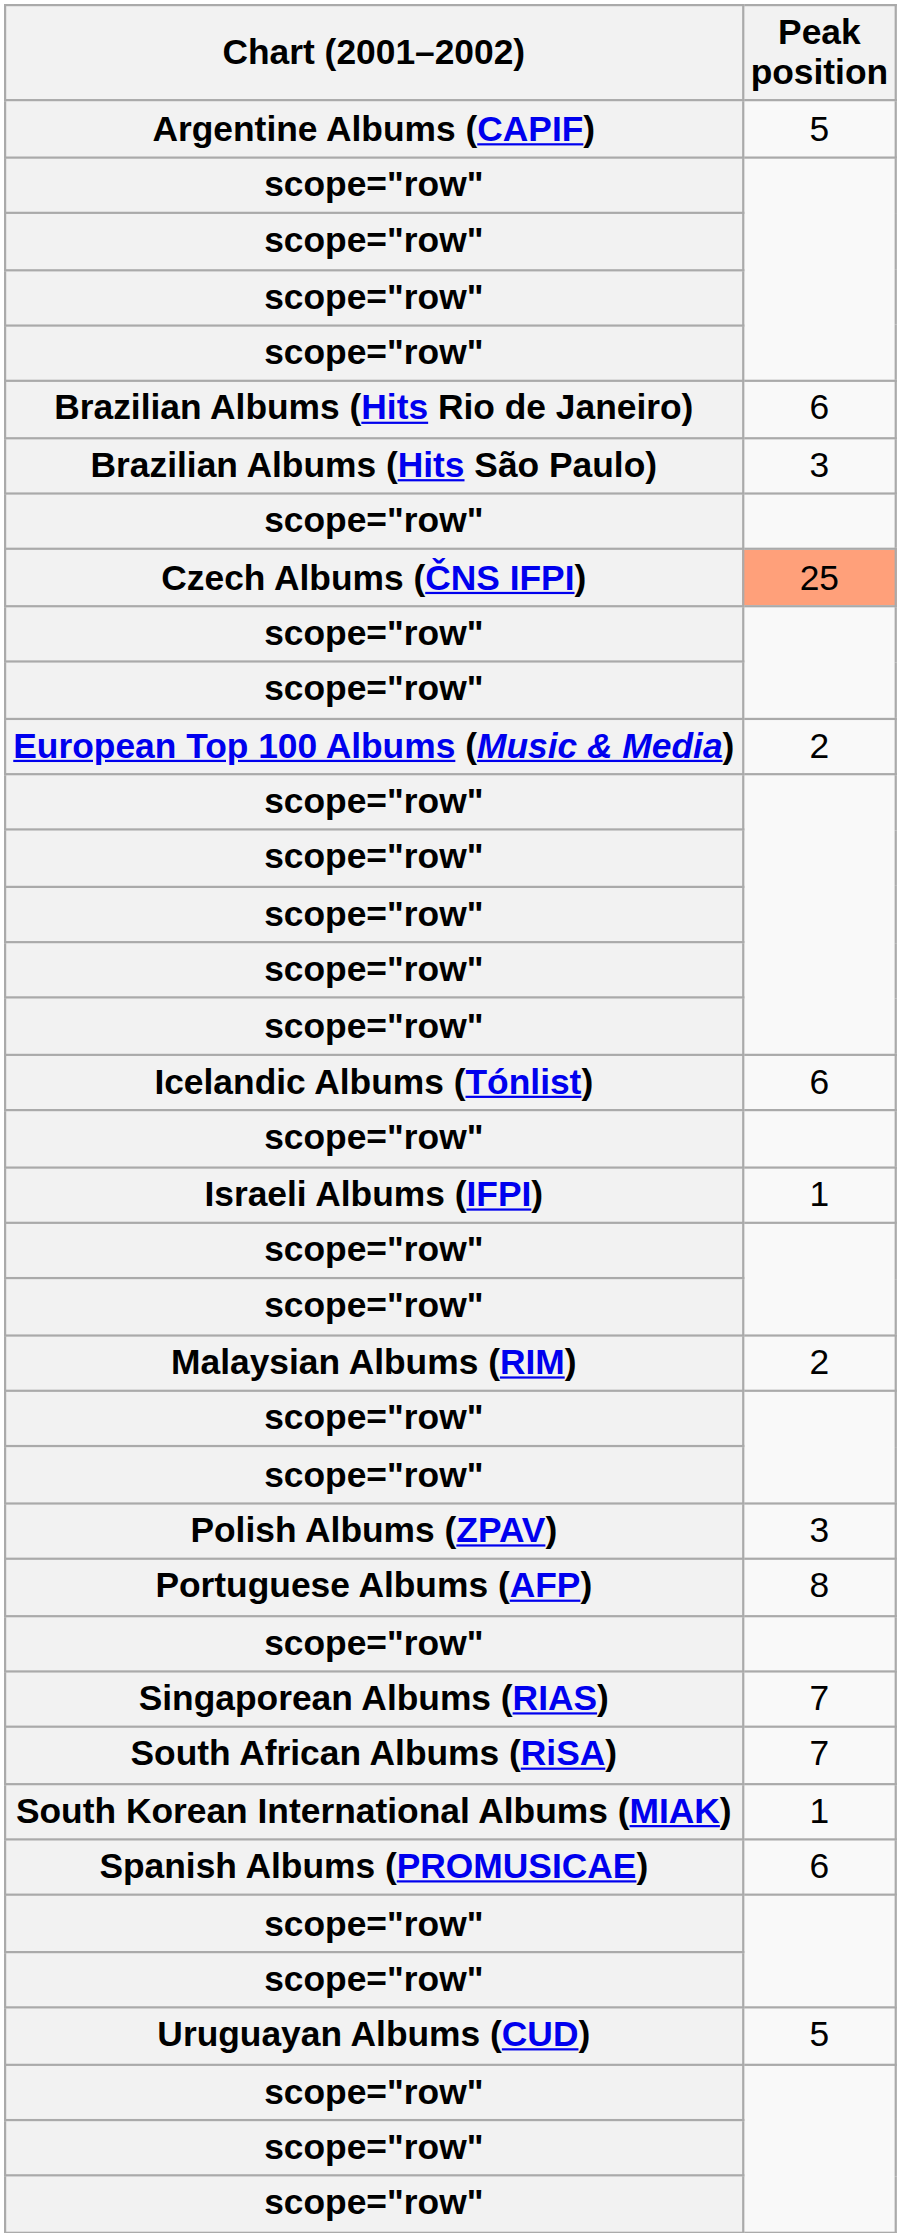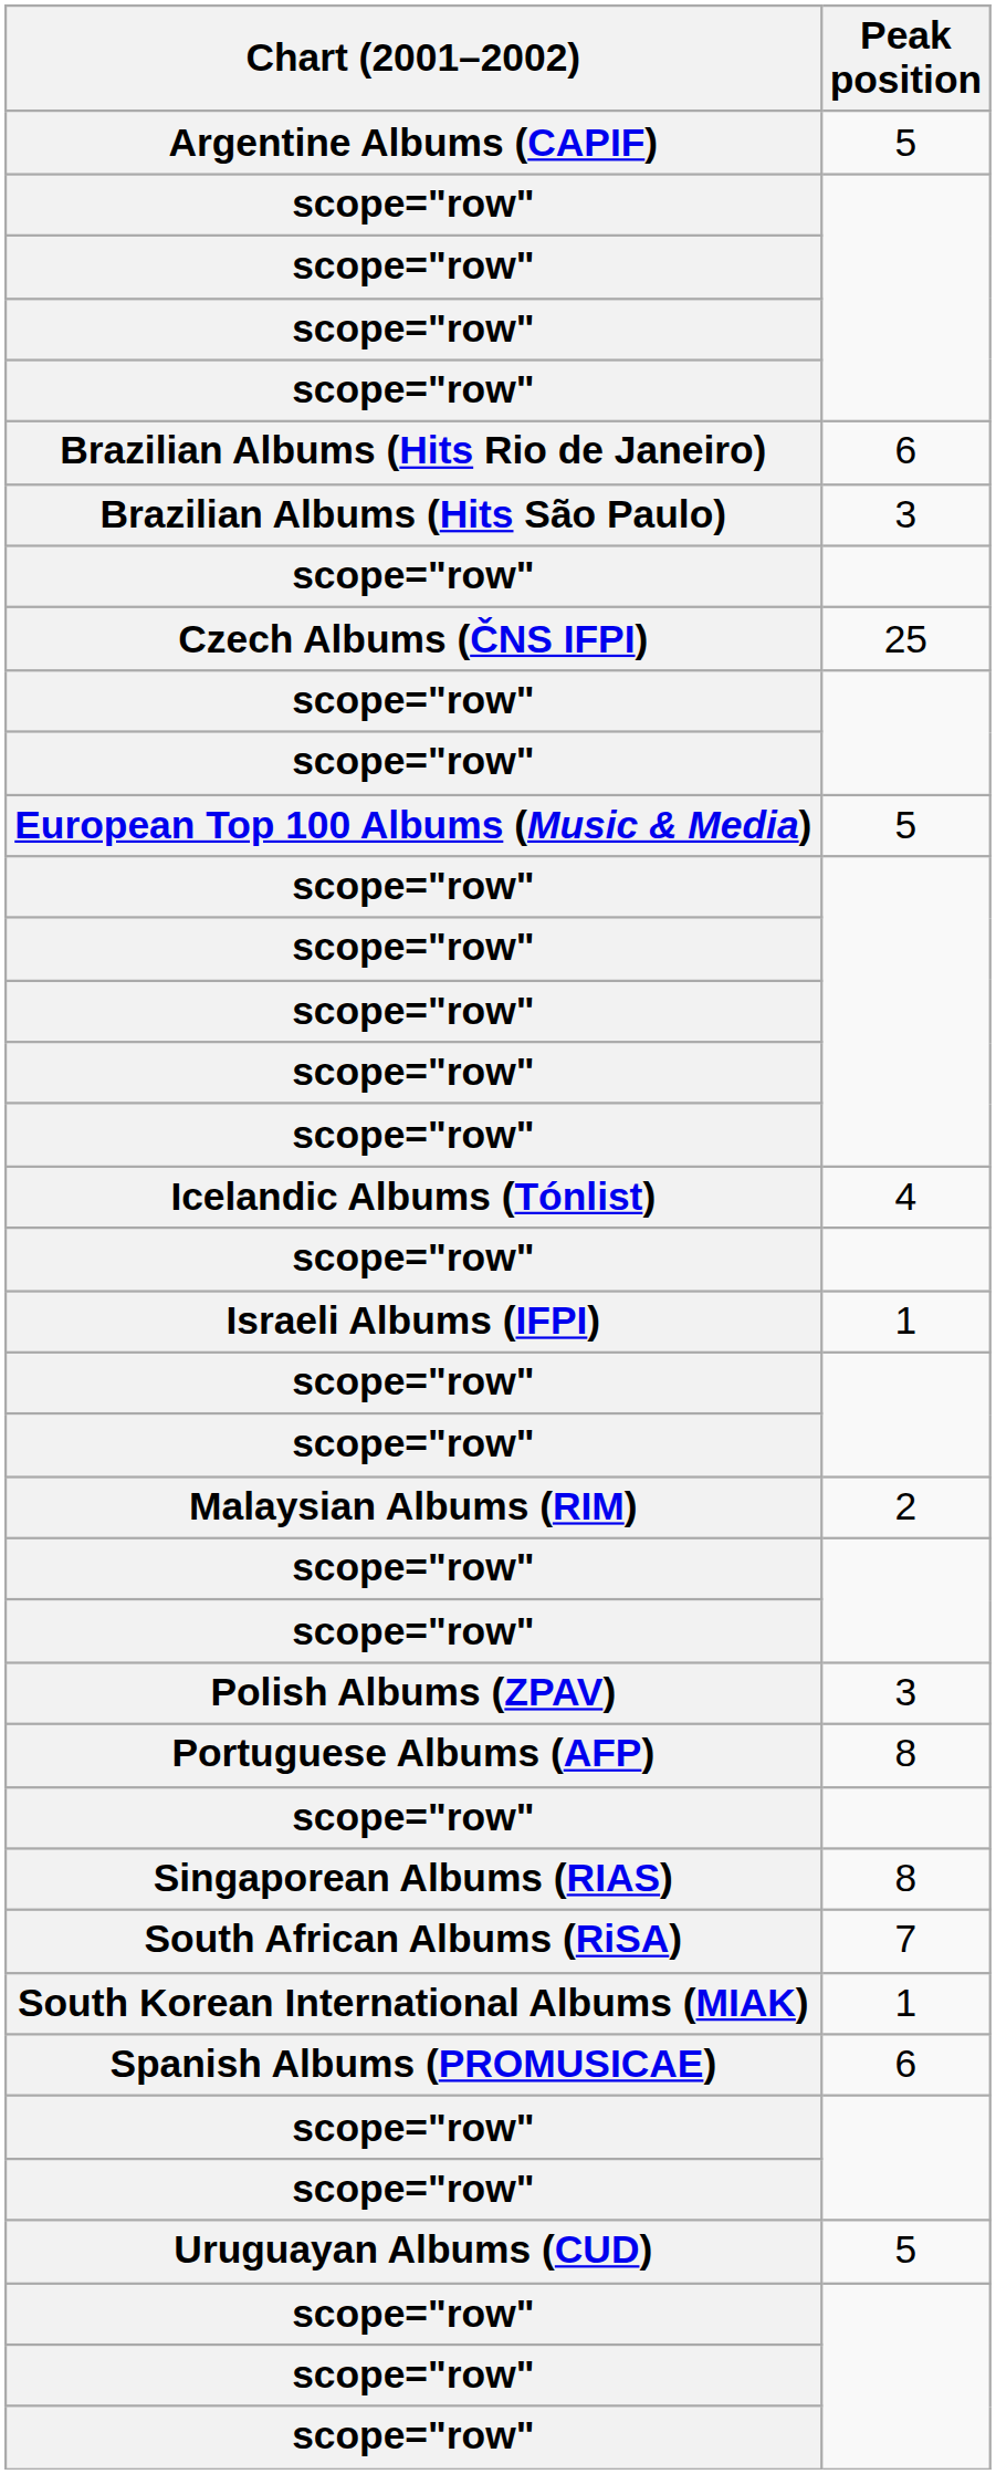 <table class="wikitable sortable plainrowheaders" style="text-align:center">
 <tr>
 <th scope="col">Chart (2001–2002)</th>
 <th scope="col">Peak<br>position</th>
 </tr>
 <tr>
 <th scope="row">Argentine Albums (<a href='#'>CAPIF</a>)</th>
 <td>5</td>
 </tr>
 <tr>
 <th>scope="row"</th>
 </tr>
 <tr>
 <th>scope="row"</th>
 </tr>
 <tr>
 <th>scope="row"</th>
 </tr>
 <tr>
 <th>scope="row"</th>
 </tr>
 <tr>
 <th scope="row">Brazilian Albums (<a href='#'>Hits</a> Rio de Janeiro)</th>
 <td>6</td>
 </tr>
 <tr>
 <th scope="row">Brazilian Albums (<a href='#'>Hits</a> São Paulo)</th>
 <td>3</td>
 </tr>
 <tr>
 <th>scope="row"</th>
 </tr>
 <tr>
 <th scope="row">Czech Albums (<a href='#'>ČNS IFPI</a>)</th>
-<td style="background: lightsalmon;">25</td>
+<td>25</td>
 </tr>
 <tr>
 <th>scope="row"</th>
 </tr>
 <tr>
 <th>scope="row"</th>
 </tr>
 <tr>
 <th scope="row"><a href='#'>European Top 100 Albums</a> (<em><a href='#'>Music & Media</a></em>)</th>
-<td>2</td>
+<td>5</td>
 </tr>
 <tr>
 <th>scope="row"</th>
 </tr>
 <tr>
 <th>scope="row"</th>
 </tr>
 <tr>
 <th>scope="row"</th>
 </tr>
 <tr>
 <th>scope="row"</th>
 </tr>
 <tr>
 <th>scope="row"</th>
 </tr>
 <tr>
 <th scope="row">Icelandic Albums (<a href='#'>Tónlist</a>)</th>
-<td>6</td>
+<td>4</td>
 </tr>
 <tr>
 <th>scope="row"</th>
 </tr>
 <tr>
 <th scope="row">Israeli Albums (<a href='#'>IFPI</a>)</th>
 <td>1</td>
 </tr>
 <tr>
 <th>scope="row"</th>
 </tr>
 <tr>
 <th>scope="row"</th>
 </tr>
 <tr>
 <th scope="row">Malaysian Albums (<a href='#'>RIM</a>)</th>
 <td>2</td>
 </tr>
 <tr>
 <th>scope="row"</th>
 </tr>
 <tr>
 <th>scope="row"</th>
 </tr>
 <tr>
 <th scope="row">Polish Albums (<a href='#'>ZPAV</a>)</th>
 <td>3</td>
 </tr>
 <tr>
 <th scope="row">Portuguese Albums (<a href='#'>AFP</a>)</th>
 <td>8</td>
 </tr>
 <tr>
 <th>scope="row"</th>
 </tr>
 <tr>
 <th scope="row">Singaporean Albums (<a href='#'>RIAS</a>)</th>
-<td>7</td>
+<td>8</td>
 </tr>
 <tr>
 <th scope="row">South African Albums (<a href='#'>RiSA</a>)</th>
 <td>7</td>
 </tr>
 <tr>
 <th scope="row">South Korean International Albums (<a href='#'>MIAK</a>)</th>
 <td>1</td>
 </tr>
 <tr>
 <th scope="row">Spanish Albums (<a href='#'>PROMUSICAE</a>)</th>
 <td>6</td>
 </tr>
 <tr>
 <th>scope="row"</th>
 </tr>
 <tr>
 <th>scope="row"</th>
 </tr>
 <tr>
 <th scope="row">Uruguayan Albums (<a href='#'>CUD</a>)</th>
 <td>5</td>
 </tr>
 <tr>
 <th>scope="row"</th>
 </tr>
 <tr>
 <th>scope="row"</th>
 </tr>
 <tr>
 <th>scope="row"</th>
 </tr>
 </table>
